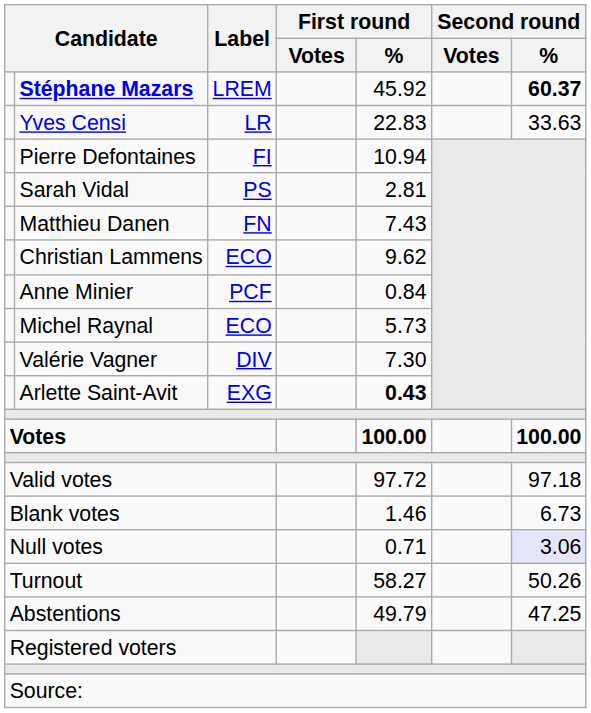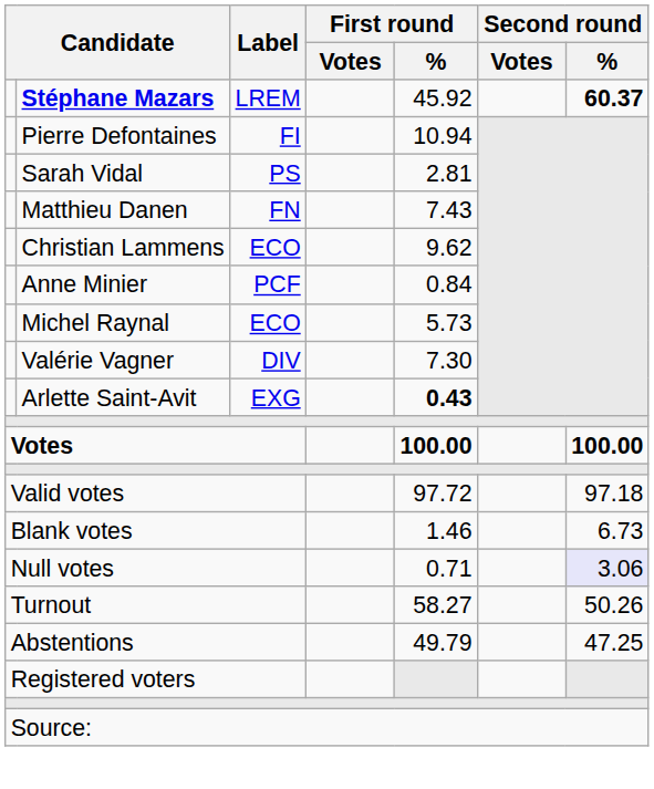 <table class="wikitable" style="text-align:right;font-size:95%;">
 <tr>
 <th colspan="2" rowspan="2">Candidate</th>
 <th rowspan="2">Label</th>
 <th colspan="2">First round</th>
 <th colspan="2">Second round</th>
 </tr>
 <tr>
 <th style="width:50px;">Votes</th>
 <th style="width:45px;">%</th>
 <th style="width:50px;">Votes</th>
 <th style="width:45px;">%</th>
 </tr>
 <tr>
 <td style="color:inherit;background:"></td>
 <td style="text-align:left;"><strong><a href='#'>Stéphane Mazars</a></strong></td>
 <td><a href='#'>LREM</a></td>
 <td></td>
 <td>45.92</td>
 <td><strong></strong></td>
 <td><strong>60.37</strong></td>
-</tr>
-<tr>
-<td style="color:inherit;background:"></td>
-<td style="text-align:left;"><a href='#'>Yves Censi</a></td>
-<td><a href='#'>LR</a></td>
-<td></td>
-<td>22.83</td>
-<td></td>
-<td>33.63</td>
 </tr>
 <tr>
 <td style="color:inherit;background:"></td>
 <td style="text-align:left;">Pierre Defontaines</td>
 <td><a href='#'>FI</a></td>
 <td></td>
 <td>10.94</td>
 <td colspan="2" rowspan="8" style="background:#E9E9E9;"></td>
 </tr>
 <tr>
 <td style="color:inherit;background:"></td>
 <td style="text-align:left;">Sarah Vidal</td>
 <td><a href='#'>PS</a></td>
 <td></td>
 <td>2.81</td>
 </tr>
 <tr>
 <td style="color:inherit;background:"></td>
 <td style="text-align:left;">Matthieu Danen</td>
 <td><a href='#'>FN</a></td>
 <td></td>
 <td>7.43</td>
 </tr>
 <tr>
 <td style="color:inherit;background:"></td>
 <td style="text-align:left;">Christian Lammens</td>
 <td><a href='#'>ECO</a></td>
 <td></td>
 <td>9.62</td>
 </tr>
 <tr>
 <td style="color:inherit;background:"></td>
 <td style="text-align:left;">Anne Minier</td>
 <td><a href='#'>PCF</a></td>
 <td></td>
 <td>0.84</td>
 </tr>
 <tr>
 <td style="color:inherit;background:"></td>
 <td style="text-align:left;">Michel Raynal</td>
 <td><a href='#'>ECO</a></td>
 <td></td>
 <td>5.73</td>
 </tr>
 <tr>
 <td style="color:inherit;background:"></td>
 <td style="text-align:left;">Valérie Vagner</td>
 <td><a href='#'>DIV</a></td>
 <td></td>
 <td>7.30</td>
 </tr>
 <tr>
 <td style="color:inherit;background:"></td>
 <td style="text-align:left;">Arlette Saint-Avit</td>
 <td><a href='#'>EXG</a></td>
 <td></td>
 <td><strong>0.43</strong></td>
 </tr>
 <tr>
 <td colspan="7" style="background:#E9E9E9;"></td>
 </tr>
 <tr style="font-weight:bold;">
 <td colspan="3" style="text-align:left;">Votes</td>
 <td></td>
 <td>100.00</td>
 <td></td>
 <td>100.00</td>
 </tr>
 <tr>
 <td colspan="7" style="background:#E9E9E9;"></td>
 </tr>
 <tr>
 <td colspan="3" style="text-align:left;">Valid votes</td>
 <td></td>
 <td>97.72</td>
 <td></td>
 <td>97.18</td>
 </tr>
 <tr>
 <td colspan="3" style="text-align:left;">Blank votes</td>
 <td></td>
 <td>1.46</td>
 <td></td>
 <td>6.73</td>
 </tr>
 <tr>
 <td colspan="3" style="text-align:left;">Null votes</td>
 <td></td>
 <td>0.71</td>
 <td></td>
 <td style="background: lavender;">3.06</td>
 </tr>
 <tr>
 <td colspan="3" style="text-align:left;">Turnout</td>
 <td></td>
 <td>58.27</td>
 <td></td>
 <td>50.26</td>
 </tr>
 <tr>
 <td colspan="3" style="text-align:left;">Abstentions</td>
 <td></td>
 <td>49.79</td>
 <td></td>
 <td>47.25</td>
 </tr>
 <tr>
 <td colspan="3" style="text-align:left;">Registered voters</td>
 <td></td>
 <td style="background:#E9E9E9;"></td>
 <td></td>
 <td style="background:#E9E9E9;"></td>
 </tr>
 <tr>
 <td colspan="7" style="background:#E9E9E9;"></td>
 </tr>
 <tr>
 <td colspan="7" style="text-align:left;">Source: </td>
 </tr>
 </table>
